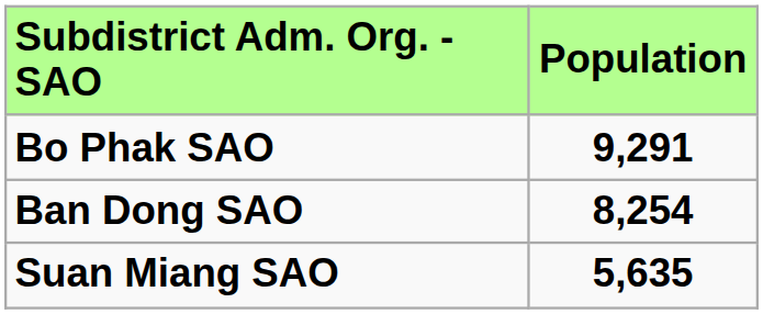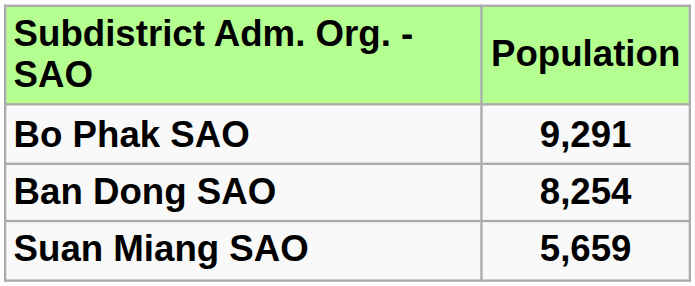 <table class="wikitable" style="width:48%; display:inline-table;">
 <tr>
 <th scope="col" style= "width:74%; background: #b4ff90; text-align:left;"><strong>Subdistrict Adm. Org. - SAO</strong></th>
 <th scope="col" style= "width:26%; background: #b4ff90; text-align:center;"><strong>Population</strong></th>
 </tr>
 <tr>
 <td><strong>Bo Phak SAO</strong></td>
 <td style="text-align:center;"><strong>9,291</strong></td>
 </tr>
 <tr>
 <td><strong>Ban Dong SAO</strong></td>
 <td style="text-align:center;"><strong>8,254</strong></td>
 </tr>
 <tr>
 <td><strong>Suan Miang SAO</strong></td>
-<td style="text-align:center;"><strong>5,635</strong></td>
+<td style="text-align:center;"><strong>5,659</strong></td>
 </tr>
 </table>
